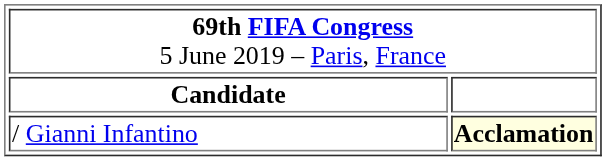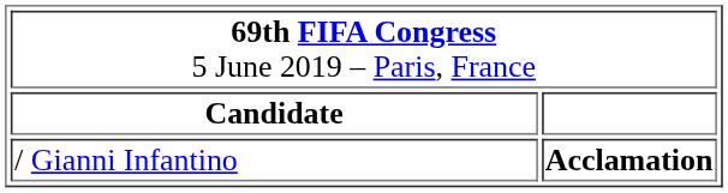 <table border=1 >
 <tr>
 <td colspan=2 align=center><strong>69th <a href='#'>FIFA Congress</a></strong><br>5 June 2019 – <a href='#'>Paris</a>, <a href='#'>France</a></td>
 </tr>
 <tr>
 <th width=75%>Candidate</th>
 <th align=center></th>
 </tr>
 <tr>
 <td>/ <a href='#'>Gianni Infantino</a></td>
-<td align="center" style="background: lightyellow;"><strong>Acclamation</strong></td>
+<td align="center"><strong>Acclamation</strong></td>
 </tr>
 </table>
